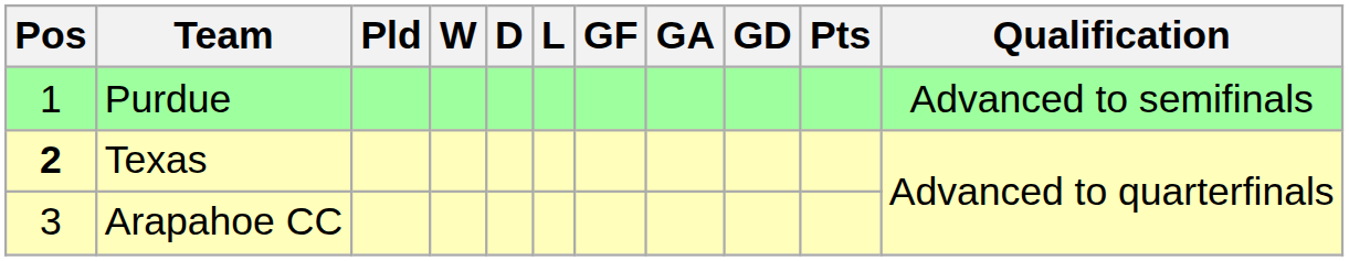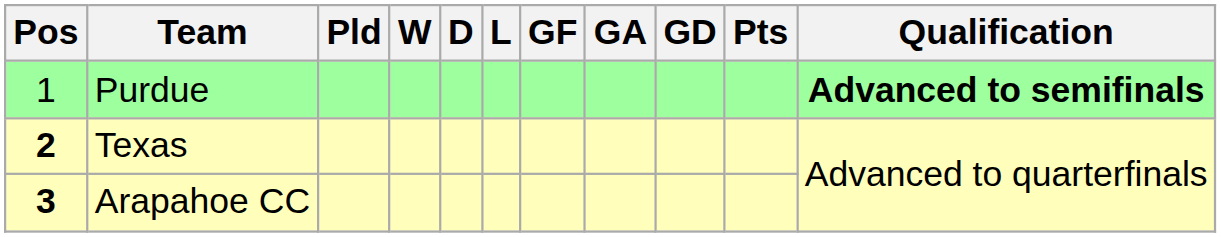 <table class="wikitable" style="text-align:center">
 <tr>
 <th>Pos</th>
 <th>Team</th>
 <th>Pld</th>
 <th>W</th>
 <th>D</th>
 <th>L</th>
 <th>GF</th>
 <th>GA</th>
 <th>GD</th>
 <th>Pts</th>
 <th>Qualification</th>
 </tr>
 <tr bgcolor="#9eff9e">
 <td>1</td>
 <td style="text-align:left">Purdue</td>
 <td></td>
 <td></td>
 <td></td>
 <td></td>
 <td></td>
 <td></td>
 <td></td>
 <td></td>
-<td>Advanced to semifinals</td>
+<td><strong>Advanced to semifinals</strong></td>
 </tr>
 <tr bgcolor="#ffffbb">
 <td><strong>2</strong></td>
 <td style="text-align:left">Texas</td>
 <td></td>
 <td></td>
 <td></td>
 <td></td>
 <td></td>
 <td></td>
 <td></td>
 <td></td>
 <td rowspan="2">Advanced to quarterfinals</td>
 </tr>
 <tr bgcolor="#ffffbb">
-<td>3</td>
+<td><strong>3</strong></td>
 <td style="text-align:left">Arapahoe CC</td>
 <td></td>
 <td></td>
 <td></td>
 <td></td>
 <td></td>
 <td></td>
 <td></td>
 <td></td>
 </tr>
 </table>
